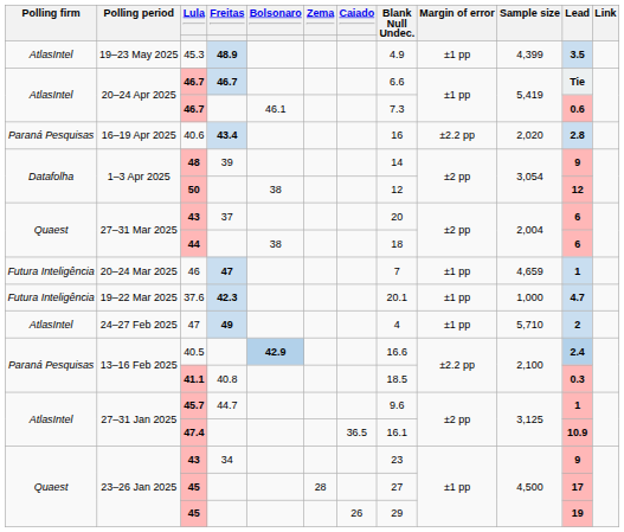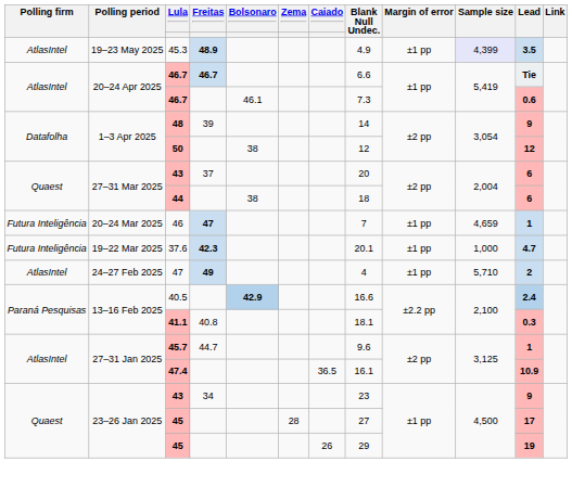 <table class="wikitable" style="text-align:center;font-size:90%;line-height:14px">
 <tr valign=top>
 <th rowspan="2">Polling firm</th>
 <th rowspan="2">Polling period</th>
 <th><a href='#'>Lula</a><hr></th>
 <th><a href='#'>Freitas</a><hr></th>
 <th><a href='#'>Bolsonaro</a><hr></th>
 <th><a href='#'>Zema</a><hr></th>
 <th><a href='#'>Caiado</a><hr></th>
 <th rowspan="2">Blank<br>Null<br>Undec.<br></th>
 <th rowspan="2">Margin of error<br></th>
 <th rowspan="2">Sample size</th>
 <th rowspan="2">Lead</th>
 <th rowspan="2">Link</th>
 </tr>
 <tr>
 <th style=background:></th>
 <th style="background:"></th>
 <th style="background:"></th>
 <th style=background:></th>
 <th style="background:"></th>
 </tr>
 <tr>
 <td><em>AtlasIntel</em></td>
 <td>19–23 May 2025</td>
 <td>45.3</td>
 <td style="background:#c9def0;font-weight:bold;height:30px;">48.9</td>
 <td></td>
 <td></td>
 <td></td>
 <td>4.9</td>
 <td>±1 pp</td>
-<td>4,399</td>
+<td style="background: lavender;">4,399</td>
 <td style="background:#c9def0;font-weight:bold">3.5</td>
 <td></td>
 </tr>
 <tr>
 <td rowspan="2"><em>AtlasIntel</em></td>
 <td rowspan="2">20–24 Apr 2025</td>
 <td style="background:#ffb7b7;height:30px;font-weight:bold">46.7</td>
 <td style="background:#c9def0;font-weight:bold">46.7</td>
 <td></td>
 <td></td>
 <td></td>
 <td>6.6</td>
 <td rowspan="2">±1 pp</td>
 <td rowspan="2">5,419</td>
 <td style="background:#ecf0f1;font-weight:bold">Tie</td>
 <td rowspan="2"></td>
 </tr>
 <tr>
 <td style="background:#ffb7b7;height:30px;font-weight:bold">46.7</td>
 <td></td>
 <td>46.1</td>
 <td></td>
 <td></td>
 <td>7.3</td>
 <td style="background:#ffb7b7;font-weight:bold">0.6</td>
-</tr>
-<tr>
-<td><em>Paraná Pesquisas</em></td>
-<td>16–19 Apr 2025</td>
-<td style="height:30px">40.6</td>
-<td style="background:#c9def0;font-weight:bold">43.4</td>
-<td></td>
-<td></td>
-<td></td>
-<td>16</td>
-<td>±2.2 pp</td>
-<td>2,020</td>
-<td style="background:#c9def0;font-weight:bold">2.8</td>
-<td></td>
 </tr>
 <tr>
 <td rowspan="2"><em>Datafolha</em></td>
 <td rowspan="2">1–3 Apr 2025</td>
 <td style="height:30px;background:#ffb7b7;font-weight:bold">48</td>
 <td>39</td>
 <td></td>
 <td></td>
 <td></td>
 <td>14</td>
 <td rowspan="2">±2 pp</td>
 <td rowspan="2">3,054</td>
 <td style="background:#ffb7b7;font-weight:bold">9</td>
 <td rowspan="2"></td>
 </tr>
 <tr>
 <td style="height:30px;background:#ffb7b7;font-weight:bold">50</td>
 <td></td>
 <td>38</td>
 <td></td>
 <td></td>
 <td>12</td>
 <td style="background:#ffb7b7;font-weight:bold">12</td>
 </tr>
 <tr>
 <td rowspan="2"><em>Quaest</em></td>
 <td rowspan="2">27–31 Mar 2025</td>
 <td style="height:30px;background:#ffb7b7;font-weight:bold">43</td>
 <td>37</td>
 <td></td>
 <td></td>
 <td></td>
 <td>20</td>
 <td rowspan="2">±2 pp</td>
 <td rowspan="2">2,004</td>
 <td style="background:#ffb7b7;font-weight:bold">6</td>
 <td rowspan="2"></td>
 </tr>
 <tr>
 <td style="height:30px;background:#ffb7b7;font-weight:bold">44</td>
 <td></td>
 <td>38</td>
 <td></td>
 <td></td>
 <td>18</td>
 <td style="background:#ffb7b7;font-weight:bold">6</td>
 </tr>
 <tr>
 <td><em>Futura Inteligência</em></td>
 <td>20–24 Mar 2025</td>
 <td style="height:30px">46</td>
 <td style="background:#c9def0;font-weight:bold">47</td>
 <td></td>
 <td></td>
 <td></td>
 <td>7</td>
 <td>±1 pp</td>
 <td>4,659</td>
 <td style="background:#c9def0;font-weight:bold">1</td>
 <td></td>
 </tr>
 <tr>
 <td><em>Futura Inteligência</em></td>
 <td>19–22 Mar 2025</td>
 <td style="height:30px">37.6</td>
 <td style="background:#c9def0;font-weight:bold">42.3</td>
 <td></td>
 <td></td>
 <td></td>
 <td>20.1</td>
 <td>±1 pp</td>
 <td>1,000</td>
 <td style="background:#c9def0;font-weight:bold">4.7</td>
 <td></td>
 </tr>
 <tr>
 <td><em>AtlasIntel</em></td>
 <td>24–27 Feb 2025</td>
 <td style="height:30px">47</td>
 <td style="background:#c9def0;font-weight:bold">49</td>
 <td></td>
 <td></td>
 <td></td>
 <td>4</td>
 <td>±1 pp</td>
 <td>5,710</td>
 <td style="background:#c9def0;font-weight:bold">2</td>
 <td></td>
 </tr>
 <tr>
 <td rowspan="2"><em>Paraná Pesquisas</em></td>
 <td rowspan="2">13–16 Feb 2025</td>
 <td>40.5</td>
 <td></td>
 <td style="background:#b2d1ea;font-weight:bold;height:30px">42.9</td>
 <td></td>
 <td></td>
 <td>16.6</td>
 <td rowspan="2">±2.2 pp</td>
 <td rowspan="2">2,100</td>
 <td style="background:#b2d1ea;font-weight:bold">2.4</td>
 <td rowspan="2"></td>
 </tr>
 <tr>
 <td style="background:#ffb7b7;font-weight:bold;height:30px">41.1</td>
 <td>40.8</td>
 <td></td>
 <td></td>
 <td></td>
-<td>18.5</td>
+<td>18.1</td>
 <td style="background:#ffb7b7;font-weight:bold">0.3</td>
 </tr>
 <tr>
 <td rowspan="2"><em>AtlasIntel</em></td>
 <td rowspan="2">27–31 Jan 2025</td>
 <td style="background:#ffb7b7;font-weight:bold;height:30px">45.7</td>
 <td>44.7</td>
 <td></td>
 <td></td>
 <td></td>
 <td>9.6</td>
 <td rowspan="2">±2 pp</td>
 <td rowspan="2">3,125</td>
 <td style="background:#ffb7b7;font-weight:bold">1</td>
 <td rowspan="2"></td>
 </tr>
 <tr>
 <td style="background:#ffb7b7;font-weight:bold;height:30px">47.4</td>
 <td></td>
 <td></td>
 <td></td>
 <td>36.5</td>
 <td>16.1</td>
 <td style="background:#ffb7b7;font-weight:bold">10.9</td>
 </tr>
 <tr>
 <td rowspan="3"><em>Quaest</em></td>
 <td rowspan="3">23–26 Jan 2025</td>
 <td style="background:#ffb7b7;font-weight:bold;height:30px">43</td>
 <td>34</td>
 <td></td>
 <td></td>
 <td></td>
 <td>23</td>
 <td rowspan="3">±1 pp</td>
 <td rowspan="3">4,500</td>
 <td style="background:#ffb7b7;font-weight:bold">9</td>
 <td rowspan="3"></td>
 </tr>
 <tr>
 <td style="background:#ffb7b7;font-weight:bold;height:30px">45</td>
 <td></td>
 <td></td>
 <td>28</td>
 <td></td>
 <td>27</td>
 <td style="background:#ffb7b7;font-weight:bold">17</td>
 </tr>
 <tr>
 <td style="background:#ffb7b7;font-weight:bold;height:30px">45</td>
 <td></td>
 <td></td>
 <td></td>
 <td>26</td>
 <td>29</td>
 <td style="background:#ffb7b7;font-weight:bold">19</td>
 </tr>
 </table>
